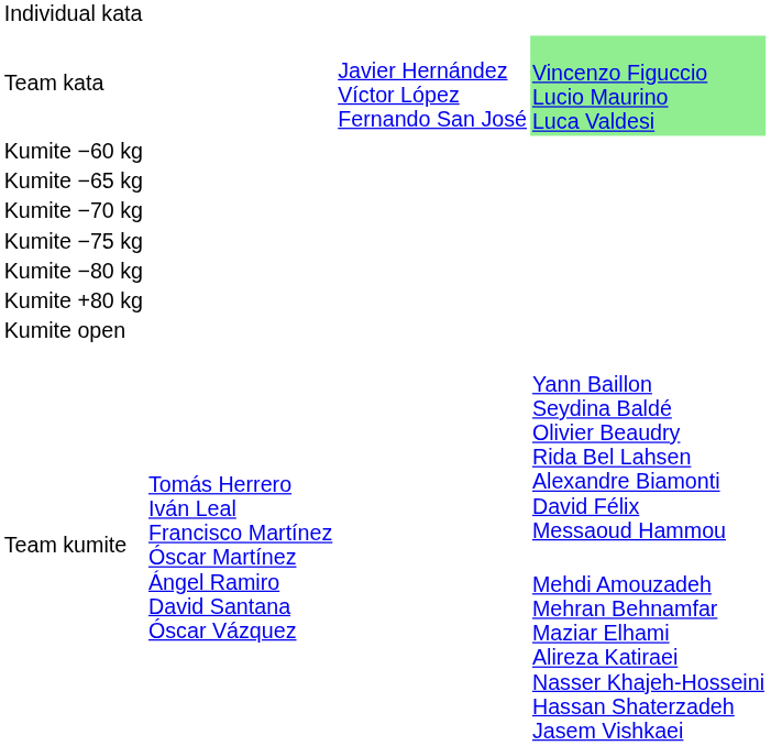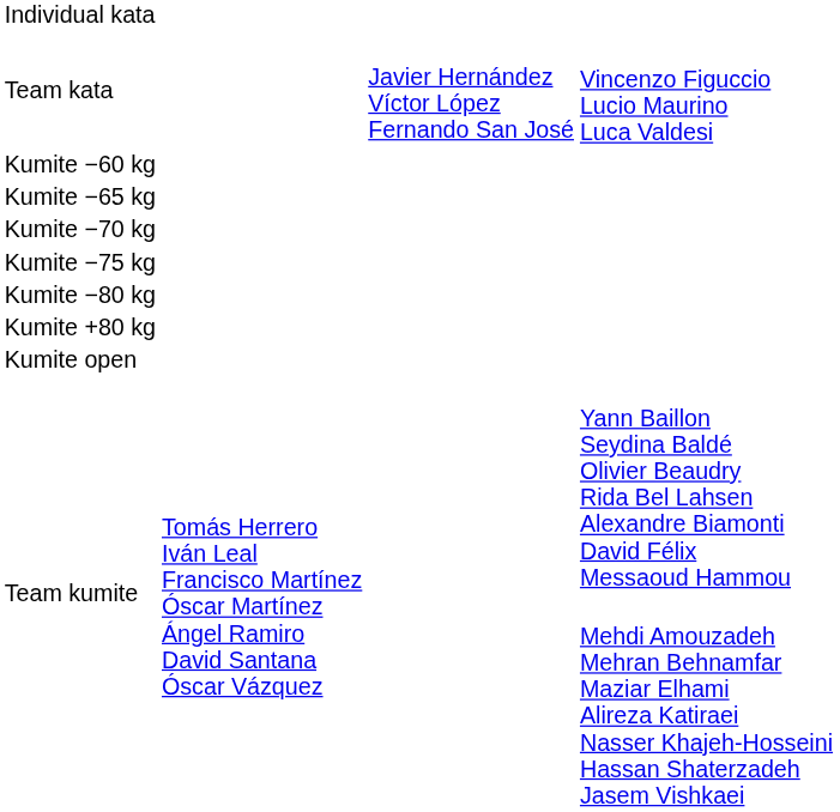 <table>
 <tr>
 <td rowspan=2>Individual kata</td>
 <td rowspan=2></td>
 <td rowspan=2></td>
 <td></td>
 </tr>
 <tr>
 <td></td>
 </tr>
 <tr>
 <td rowspan=2>Team kata</td>
 <td rowspan=2></td>
 <td rowspan=2><br><a href='#'>Javier Hernández</a><br><a href='#'>Víctor López</a><br><a href='#'>Fernando San José</a></td>
 <td></td>
 </tr>
 <tr>
-<td style="background: lightgreen;"><br><a href='#'>Vincenzo Figuccio</a><br><a href='#'>Lucio Maurino</a><br><a href='#'>Luca Valdesi</a></td>
+<td><br><a href='#'>Vincenzo Figuccio</a><br><a href='#'>Lucio Maurino</a><br><a href='#'>Luca Valdesi</a></td>
 </tr>
 <tr>
 <td rowspan=2>Kumite −60 kg</td>
 <td rowspan=2></td>
 <td rowspan=2></td>
 <td></td>
 </tr>
 <tr>
 <td></td>
 </tr>
 <tr>
 <td rowspan=2>Kumite −65 kg</td>
 <td rowspan=2></td>
 <td rowspan=2></td>
 <td></td>
 </tr>
 <tr>
 <td></td>
 </tr>
 <tr>
 <td rowspan=2>Kumite −70 kg</td>
 <td rowspan=2></td>
 <td rowspan=2></td>
 <td></td>
 </tr>
 <tr>
 <td></td>
 </tr>
 <tr>
 <td rowspan=2>Kumite −75 kg</td>
 <td rowspan=2></td>
 <td rowspan=2></td>
 <td></td>
 </tr>
 <tr>
 <td></td>
 </tr>
 <tr>
 <td rowspan=2>Kumite −80 kg</td>
 <td rowspan=2></td>
 <td rowspan=2></td>
 <td></td>
 </tr>
 <tr>
 <td></td>
 </tr>
 <tr>
 <td rowspan=2>Kumite +80 kg</td>
 <td rowspan=2></td>
 <td rowspan=2></td>
 <td></td>
 </tr>
 <tr>
 <td></td>
 </tr>
 <tr>
 <td rowspan=2>Kumite open</td>
 <td rowspan=2></td>
 <td rowspan=2></td>
 <td></td>
 </tr>
 <tr>
 <td></td>
 </tr>
 <tr>
 <td rowspan=2>Team kumite</td>
 <td rowspan=2><br><a href='#'>Tomás Herrero</a><br><a href='#'>Iván Leal</a><br><a href='#'>Francisco Martínez</a><br><a href='#'>Óscar Martínez</a><br><a href='#'>Ángel Ramiro</a><br><a href='#'>David Santana</a><br><a href='#'>Óscar Vázquez</a></td>
 <td rowspan=2></td>
 <td><br><a href='#'>Yann Baillon</a><br><a href='#'>Seydina Baldé</a><br><a href='#'>Olivier Beaudry</a><br><a href='#'>Rida Bel Lahsen</a><br><a href='#'>Alexandre Biamonti</a><br><a href='#'>David Félix</a><br><a href='#'>Messaoud Hammou</a></td>
 </tr>
 <tr>
 <td><br><a href='#'>Mehdi Amouzadeh</a><br><a href='#'>Mehran Behnamfar</a><br><a href='#'>Maziar Elhami</a><br><a href='#'>Alireza Katiraei</a><br><a href='#'>Nasser Khajeh-Hosseini</a><br><a href='#'>Hassan Shaterzadeh</a><br><a href='#'>Jasem Vishkaei</a></td>
 </tr>
 </table>
